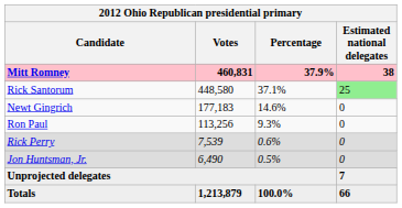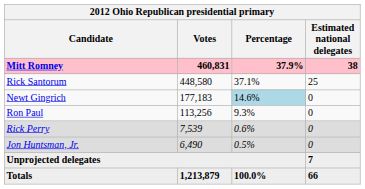 <table class=wikitable>
 <tr>
 <th colspan="4">2012 Ohio Republican presidential primary</th>
 </tr>
 <tr style="background:#eee; text-align:center;">
 <th style="width: 17em">Candidate</th>
 <th style="width: 5em">Votes</th>
 <th style="width: 7em">Percentage</th>
 <th style="width: 5em">Estimated national delegates</th>
 </tr>
 <tr align="right" bgcolor="pink">
 <td align="left"><strong><a href='#'>Mitt Romney</a></strong></td>
 <td><strong>460,831</strong></td>
 <td><strong>37.9%</strong></td>
 <td><strong>38</strong></td>
 </tr>
 <tr>
 <td align="left"><a href='#'>Rick Santorum</a></td>
 <td>448,580</td>
 <td>37.1%</td>
-<td style="background: lightgreen;">25</td>
+<td>25</td>
 </tr>
 <tr>
 <td align="left"><a href='#'>Newt Gingrich</a></td>
 <td>177,183</td>
-<td>14.6%</td>
+<td style="background: lightblue;">14.6%</td>
 <td>0</td>
 </tr>
 <tr>
 <td align="left"><a href='#'>Ron Paul</a></td>
 <td>113,256</td>
 <td>9.3%</td>
 <td>0</td>
 </tr>
 <tr bgcolor="#DDDDDD">
 <td align="left"><em><a href='#'>Rick Perry</a></em></td>
 <td><em>7,539</em></td>
 <td><em>0.6%</em></td>
 <td><em>0</em></td>
 </tr>
 <tr bgcolor="#DDDDDD">
 <td align="left"><em><a href='#'>Jon Huntsman, Jr.</a></em></td>
 <td><em>6,490</em></td>
 <td><em>0.5%</em></td>
 <td><em>0</em></td>
 </tr>
 <tr bgcolor="#eeeeee">
 <td colspan="3"><strong>Unprojected delegates</strong></td>
 <td><strong>7</strong></td>
 </tr>
 <tr bgcolor="#EEEEEE">
 <td><strong>Totals</strong></td>
 <td><strong>1,213,879</strong></td>
 <td><strong>100.0%</strong></td>
 <td><strong>66</strong></td>
 </tr>
 </table>
